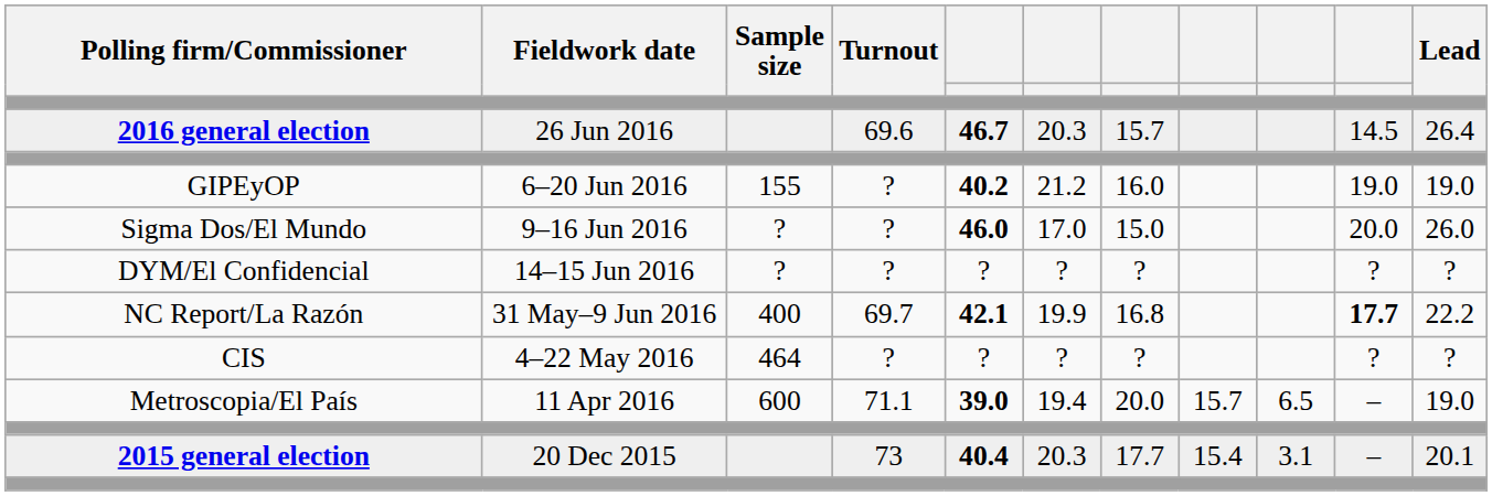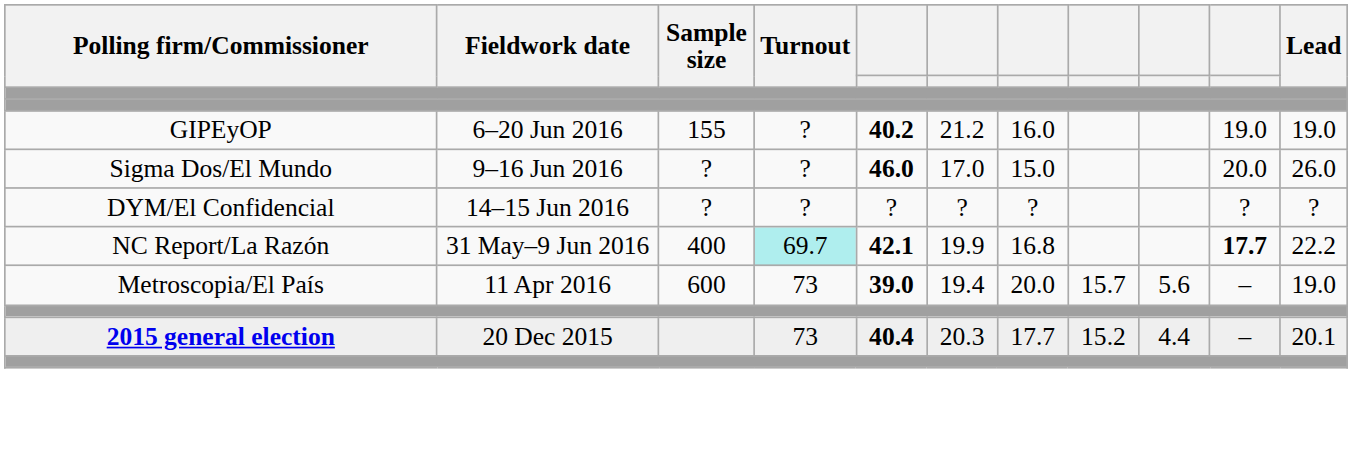 <table class="wikitable collapsible collapsed" style="text-align:center; font-size:95%; line-height:16px;">
 <tr style="height:42px; background-color:#E9E9E9">
 <th style="width:250px;" rowspan="2">Polling firm/Commissioner</th>
 <th style="width:125px;" rowspan="2">Fieldwork date</th>
 <th style="width:50px;" rowspan="2">Sample size</th>
 <th style="width:45px;" rowspan="2">Turnout</th>
 <th style="width:35px;"></th>
 <th style="width:35px;"></th>
 <th style="width:35px;"></th>
 <th style="width:35px;"></th>
 <th style="width:35px;"></th>
 <th style="width:35px;"></th>
 <th style="width:30px;" rowspan="2">Lead</th>
 </tr>
 <tr>
 <th style="color:inherit;background:"></th>
 <th style="color:inherit;background:"></th>
 <th style="color:inherit;background:"></th>
 <th style="color:inherit;background:"></th>
 <th style="color:inherit;background:"></th>
 <th style="color:inherit;background:"></th>
 </tr>
 <tr>
 <td colspan="11" style="background:#A0A0A0"></td>
-</tr>
-<tr style="background:#EFEFEF;">
-<td><strong><a href='#'>2016 general election</a></strong></td>
-<td>26 Jun 2016</td>
-<td></td>
-<td>69.6</td>
-<td><strong>46.7</strong><br></td>
-<td>20.3<br></td>
-<td>15.7<br></td>
-<td></td>
-<td></td>
-<td>14.5<br></td>
-<td style="background:">26.4</td>
 </tr>
 <tr>
 <td colspan="11" style="background:#A0A0A0"></td>
 </tr>
 <tr>
 <td>GIPEyOP</td>
 <td>6–20 Jun 2016</td>
 <td>155</td>
 <td>?</td>
 <td><strong>40.2</strong><br></td>
 <td>21.2<br></td>
 <td>16.0<br></td>
 <td></td>
 <td></td>
 <td>19.0<br></td>
 <td style="background:">19.0</td>
 </tr>
 <tr>
 <td>Sigma Dos/El Mundo</td>
 <td>9–16 Jun 2016</td>
 <td>?</td>
 <td>?</td>
 <td><strong>46.0</strong><br></td>
 <td>17.0<br></td>
 <td>15.0<br></td>
 <td></td>
 <td></td>
 <td>20.0<br></td>
 <td style="background:">26.0</td>
 </tr>
 <tr>
 <td>DYM/El Confidencial</td>
 <td>14–15 Jun 2016</td>
 <td>?</td>
 <td>?</td>
 <td>?<br></td>
 <td>?<br></td>
 <td>?<br></td>
 <td></td>
 <td></td>
 <td>?<br></td>
 <td style="background:">?</td>
 </tr>
 <tr>
 <td>NC Report/La Razón</td>
 <td>31 May–9 Jun 2016</td>
 <td>400</td>
-<td>69.7</td>
+<td style="background: paleturquoise;">69.7</td>
 <td><strong>42.1</strong><br></td>
 <td>19.9<br></td>
 <td>16.8<br></td>
 <td></td>
 <td></td>
 <td><strong>17.7<br></strong></td>
 <td style="background:">22.2</td>
 </tr>
 <tr>
-<td>CIS</td>
-<td>4–22 May 2016</td>
-<td>464</td>
-<td>?</td>
-<td>?<br></td>
-<td>?<br></td>
-<td>?<br></td>
-<td></td>
-<td></td>
-<td>?<br></td>
-<td style="background:">?</td>
-</tr>
-<tr>
 <td>Metroscopia/El País</td>
 <td>11 Apr 2016</td>
 <td>600</td>
-<td>71.1</td>
+<td>73</td>
 <td><strong>39.0</strong><br></td>
 <td>19.4<br></td>
 <td>20.0<br></td>
 <td>15.7<br></td>
-<td>6.5<br></td>
+<td>5.6<br></td>
 <td>–</td>
 <td style="background:">19.0</td>
 </tr>
 <tr>
 <td colspan="11" style="background:#A0A0A0"></td>
 </tr>
 <tr style="background:#EFEFEF;">
 <td><strong><a href='#'>2015 general election</a></strong></td>
 <td>20 Dec 2015</td>
 <td></td>
 <td>73</td>
 <td><strong>40.4</strong><br></td>
 <td>20.3<br></td>
 <td>17.7<br></td>
-<td>15.4<br></td>
-<td>3.1<br></td>
+<td>15.2<br></td>
+<td>4.4<br></td>
 <td>–</td>
 <td style="background:">20.1</td>
 </tr>
 <tr>
 <td colspan="11" style="background:#A0A0A0"></td>
 </tr>
 </table>
